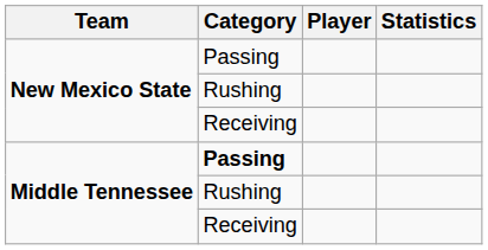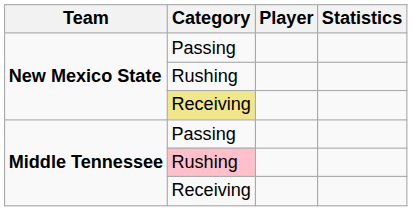 <table class="wikitable" style="float: left;">
 <tr>
 <th>Team</th>
 <th>Category</th>
 <th>Player</th>
 <th>Statistics</th>
 </tr>
 <tr>
 <td rowspan=3><strong>New Mexico State</strong></td>
 <td>Passing</td>
 <td></td>
 <td></td>
 </tr>
 <tr>
 <td>Rushing</td>
 <td></td>
 <td></td>
 </tr>
 <tr>
-<td>Receiving</td>
+<td style="background: khaki;">Receiving</td>
 <td></td>
 <td></td>
 </tr>
 <tr>
 <td rowspan=3><strong>Middle Tennessee</strong></td>
-<td><strong>Passing</strong></td>
+<td>Passing</td>
 <td></td>
 <td></td>
 </tr>
 <tr>
-<td>Rushing</td>
+<td style="background: pink;">Rushing</td>
 <td></td>
 <td></td>
 </tr>
 <tr>
 <td>Receiving</td>
 <td></td>
 <td></td>
 </tr>
 </table>
